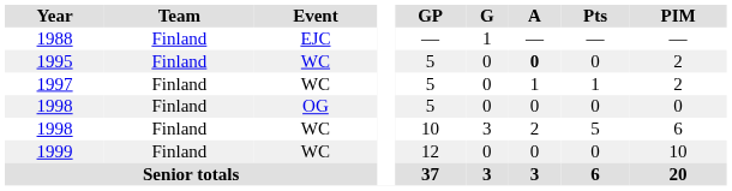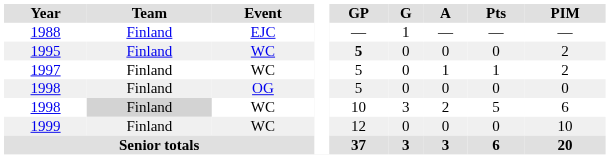 <table border="0" cellpadding="1" cellspacing="0" style="text-align:center; width:40em">
 <tr ALIGN="center" bgcolor="#e0e0e0">
 <th>Year</th>
 <th>Team</th>
 <th>Event</th>
 <th rowspan="99" bgcolor="#ffffff"> </th>
 <th>GP</th>
 <th>G</th>
 <th>A</th>
 <th>Pts</th>
 <th>PIM</th>
 </tr>
 <tr>
 <td><a href='#'>1988</a></td>
 <td><a href='#'>Finland</a></td>
 <td><a href='#'>EJC</a></td>
 <td>—</td>
 <td>1</td>
 <td>—</td>
 <td>—</td>
 <td>—</td>
 </tr>
 <tr bgcolor="#f0f0f0">
 <td><a href='#'>1995</a></td>
 <td><a href='#'>Finland</a></td>
 <td><a href='#'>WC</a></td>
-<td>5</td>
+<td><strong>5</strong></td>
 <td>0</td>
-<td><strong>0</strong></td>
+<td>0</td>
 <td>0</td>
 <td>2</td>
 </tr>
 <tr>
 <td><a href='#'>1997</a></td>
 <td>Finland</td>
 <td>WC</td>
 <td>5</td>
 <td>0</td>
 <td>1</td>
 <td>1</td>
 <td>2</td>
 </tr>
 <tr bgcolor="#f0f0f0">
 <td><a href='#'>1998</a></td>
 <td>Finland</td>
 <td><a href='#'>OG</a></td>
 <td>5</td>
 <td>0</td>
 <td>0</td>
 <td>0</td>
 <td>0</td>
 </tr>
 <tr>
 <td><a href='#'>1998</a></td>
-<td>Finland</td>
+<td style="background: lightgrey;">Finland</td>
 <td>WC</td>
 <td>10</td>
 <td>3</td>
 <td>2</td>
 <td>5</td>
 <td>6</td>
 </tr>
 <tr bgcolor="#f0f0f0">
 <td><a href='#'>1999</a></td>
 <td>Finland</td>
 <td>WC</td>
 <td>12</td>
 <td>0</td>
 <td>0</td>
 <td>0</td>
 <td>10</td>
 </tr>
 <tr bgcolor="#e0e0e0">
 <th colspan=3>Senior totals</th>
 <th>37</th>
 <th>3</th>
 <th>3</th>
 <th>6</th>
 <th>20</th>
 </tr>
 </table>
